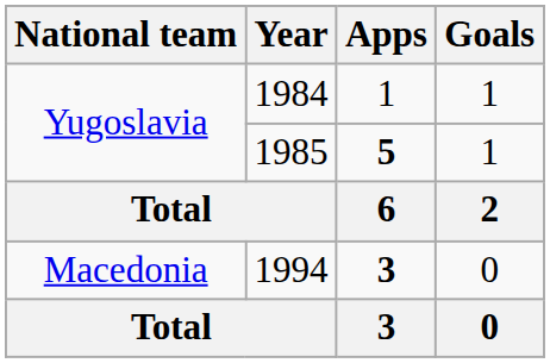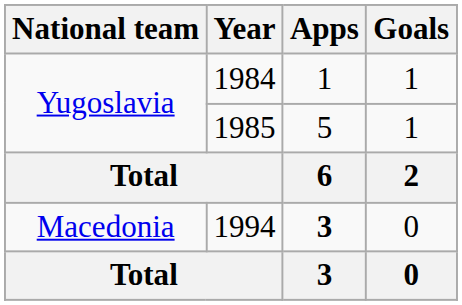 <table class="wikitable" style="text-align:center">
 <tr>
 <th>National team</th>
 <th>Year</th>
 <th>Apps</th>
 <th>Goals</th>
 </tr>
 <tr>
 <td rowspan="2"><a href='#'>Yugoslavia</a></td>
 <td>1984</td>
 <td>1</td>
 <td>1</td>
 </tr>
 <tr>
 <td>1985</td>
-<td><strong>5</strong></td>
+<td>5</td>
 <td>1</td>
 </tr>
 <tr>
 <th colspan="2">Total</th>
 <th>6</th>
 <th>2</th>
 </tr>
 <tr>
 <td><a href='#'>Macedonia</a></td>
 <td>1994</td>
 <td><strong>3</strong></td>
 <td>0</td>
 </tr>
 <tr>
 <th colspan="2">Total</th>
 <th>3</th>
 <th>0</th>
 </tr>
 </table>
